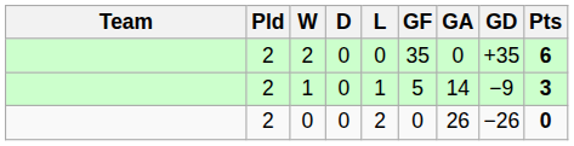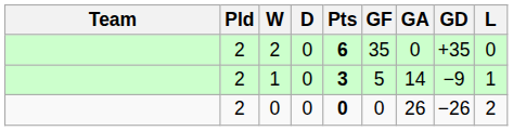 <table class="wikitable" style="text-align: center;">
 <tr>
 <th width=175>Team</th>
 <th width=20 abbr="Played">Pld</th>
 <th width=20 abbr="Won">W</th>
 <th width=20 abbr="Drawn">D</th>
-<th width=20 abbr="Lost">L</th>
+<th width=20 abbr="Points">Pts</th>
 <th width=20 abbr="Goals for">GF</th>
 <th width=20 abbr="Goals against">GA</th>
 <th width=20 abbr="Goal difference">GD</th>
-<th width=20 abbr="Points">Pts</th>
+<th width=20 abbr="Lost">L</th>
 </tr>
 <tr style="background:#ccffcc;">
 <td style="text-align:left;"></td>
 <td>2</td>
 <td>2</td>
 <td>0</td>
-<td>0</td>
+<td><strong>6</strong></td>
 <td>35</td>
 <td>0</td>
 <td>+35</td>
-<td><strong>6</strong></td>
+<td>0</td>
 </tr>
 <tr bgcolor=#ccffcc align=center>
 <td style="text-align:left;"></td>
 <td>2</td>
 <td>1</td>
 <td>0</td>
-<td>1</td>
+<td><strong>3</strong></td>
 <td>5</td>
 <td>14</td>
 <td>−9</td>
-<td><strong>3</strong></td>
+<td>1</td>
 </tr>
 <tr align=center>
 <td style="text-align:left;"></td>
 <td>2</td>
 <td>0</td>
 <td>0</td>
-<td>2</td>
+<td><strong>0</strong></td>
 <td>0</td>
 <td>26</td>
 <td>−26</td>
-<td><strong>0</strong></td>
+<td>2</td>
 </tr>
 </table>
